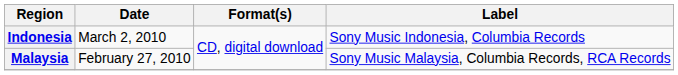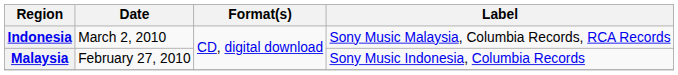 <table class="wikitable plainrowheaders">
 <tr>
 <th scope="col">Region</th>
 <th scope="col">Date</th>
 <th scope="col">Format(s)</th>
 <th scope="col">Label</th>
 </tr>
 <tr>
 <th scope="row"><a href='#'>Indonesia</a></th>
 <td>March 2, 2010</td>
 <td rowspan="2"><a href='#'>CD</a>, <a href='#'>digital download</a></td>
-<td><a href='#'>Sony Music Indonesia</a>, <a href='#'>Columbia Records</a></td>
+<td><a href='#'>Sony Music Malaysia</a>, Columbia Records, <a href='#'>RCA Records</a></td>
 </tr>
 <tr>
 <th scope="row"><a href='#'>Malaysia</a></th>
 <td>February 27, 2010</td>
-<td><a href='#'>Sony Music Malaysia</a>, Columbia Records, <a href='#'>RCA Records</a></td>
+<td><a href='#'>Sony Music Indonesia</a>, <a href='#'>Columbia Records</a></td>
 </tr>
 <tr>
 </tr>
 </table>
